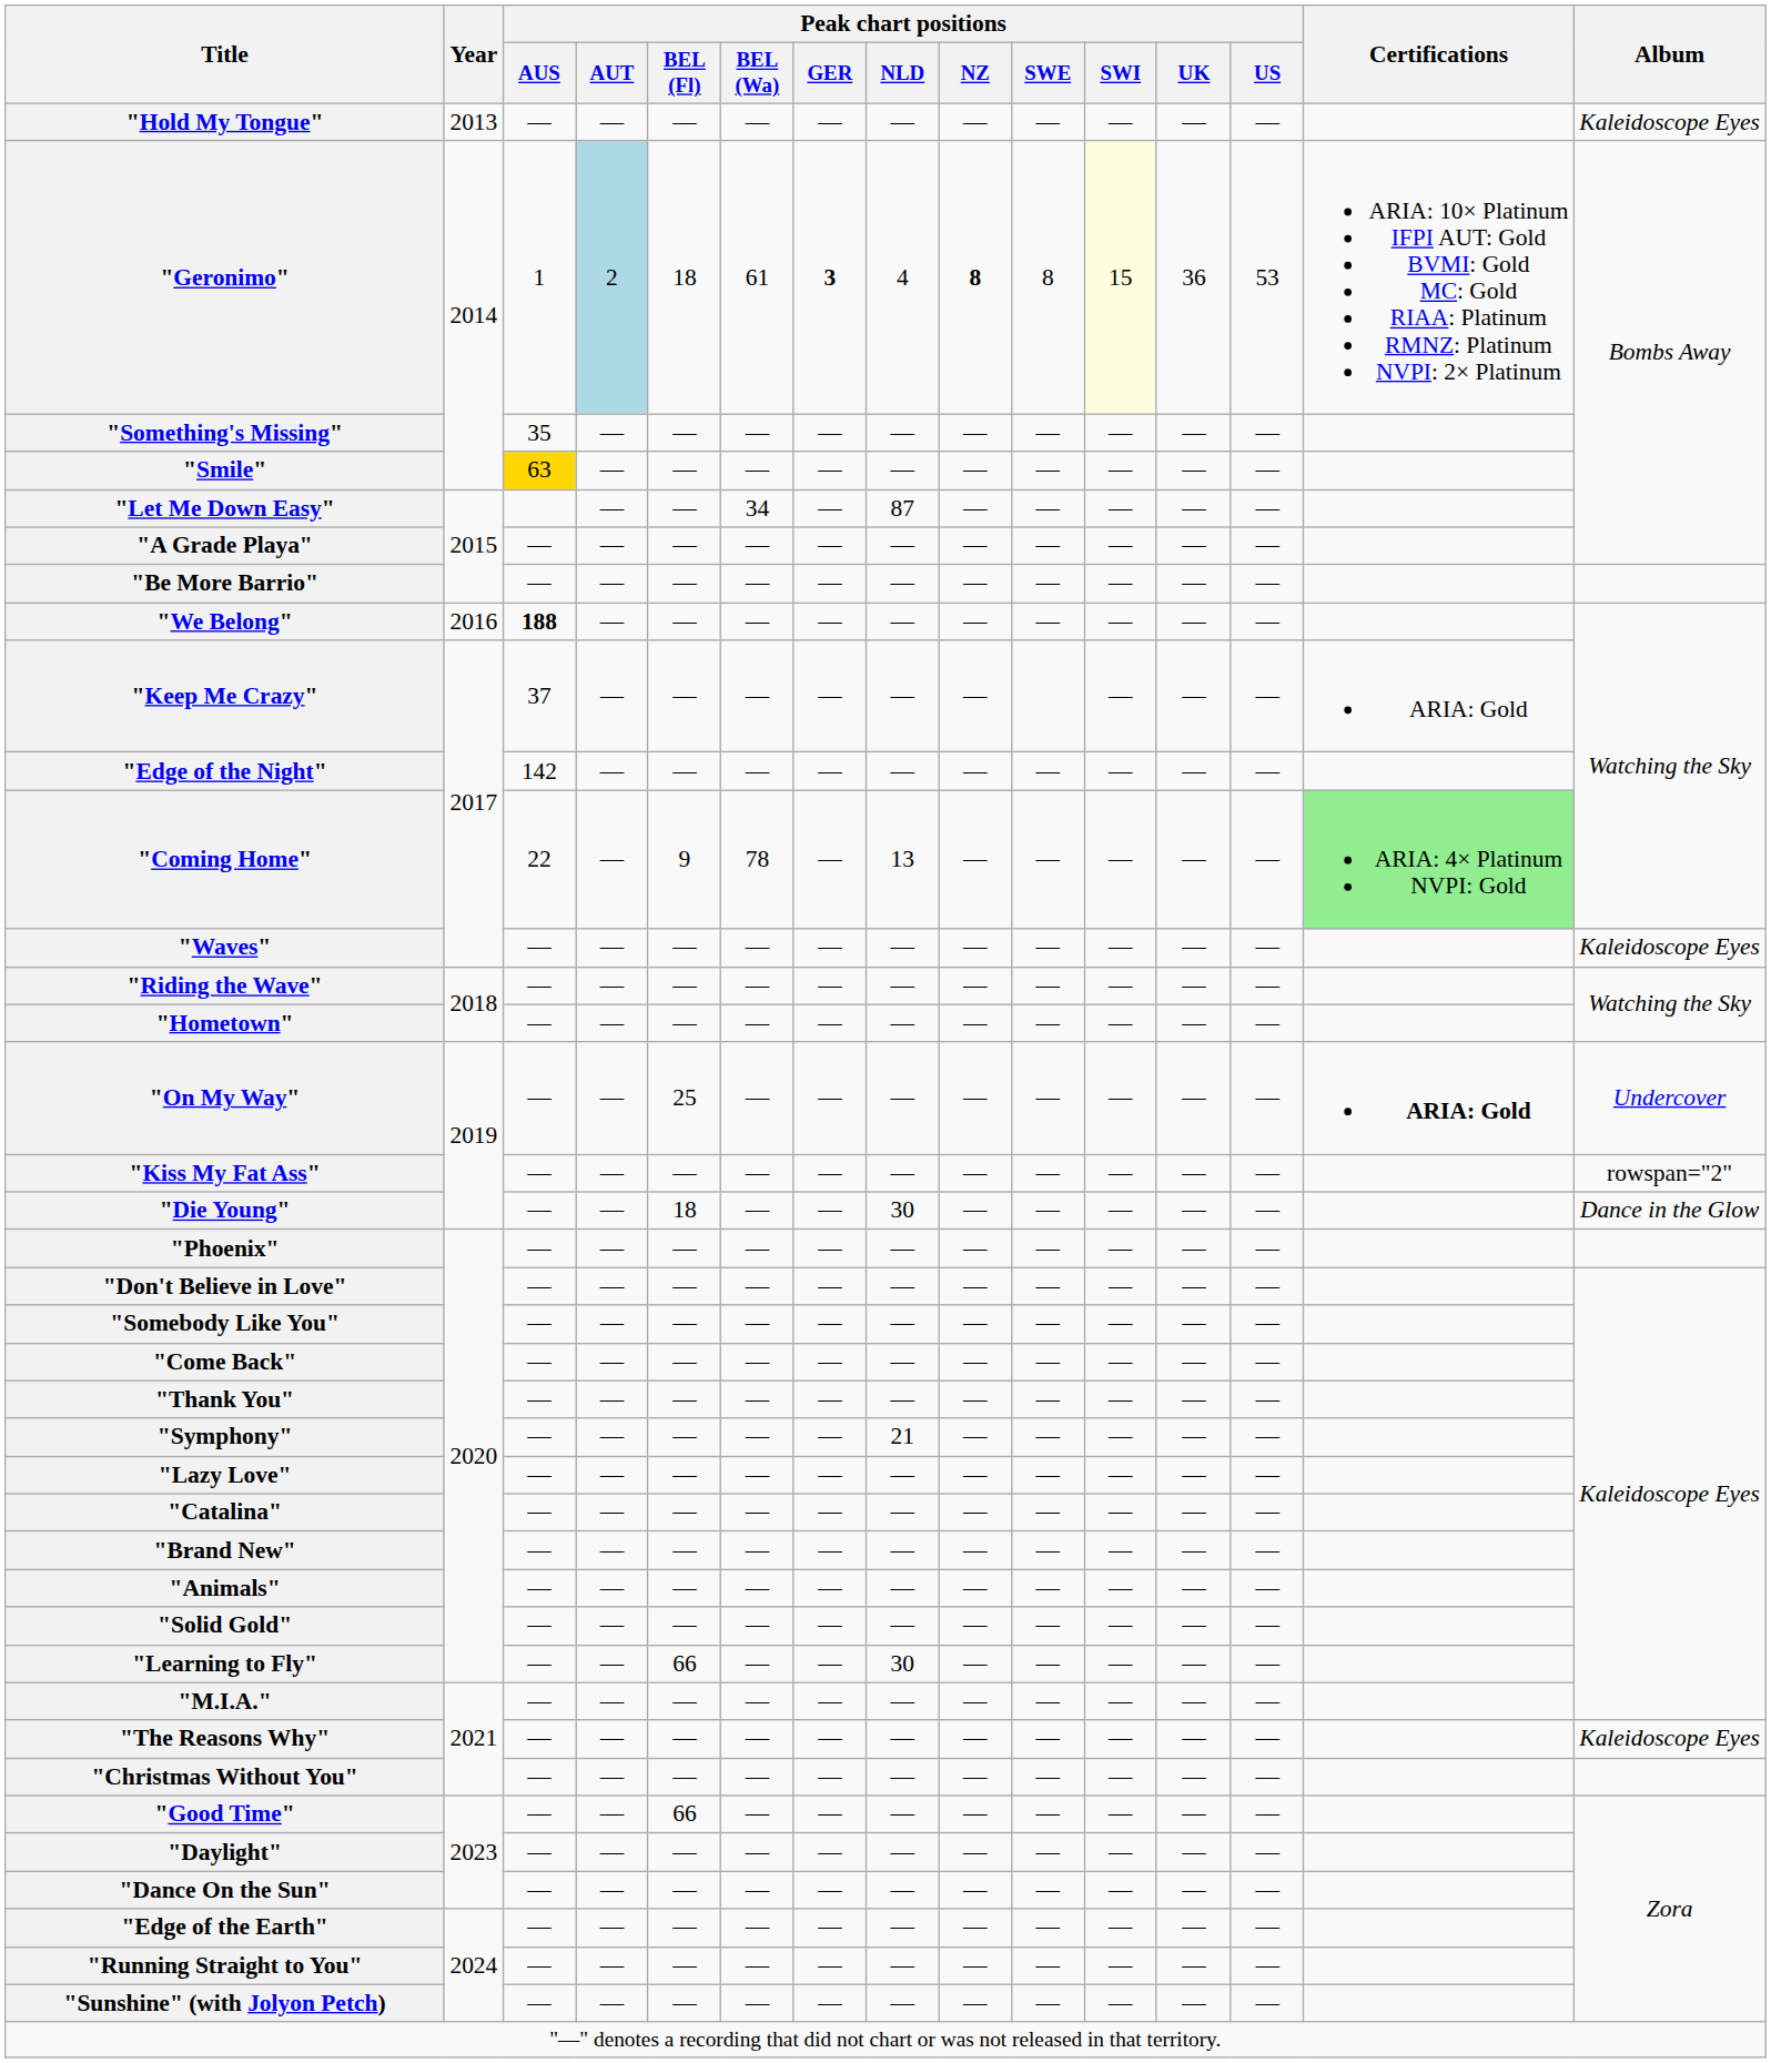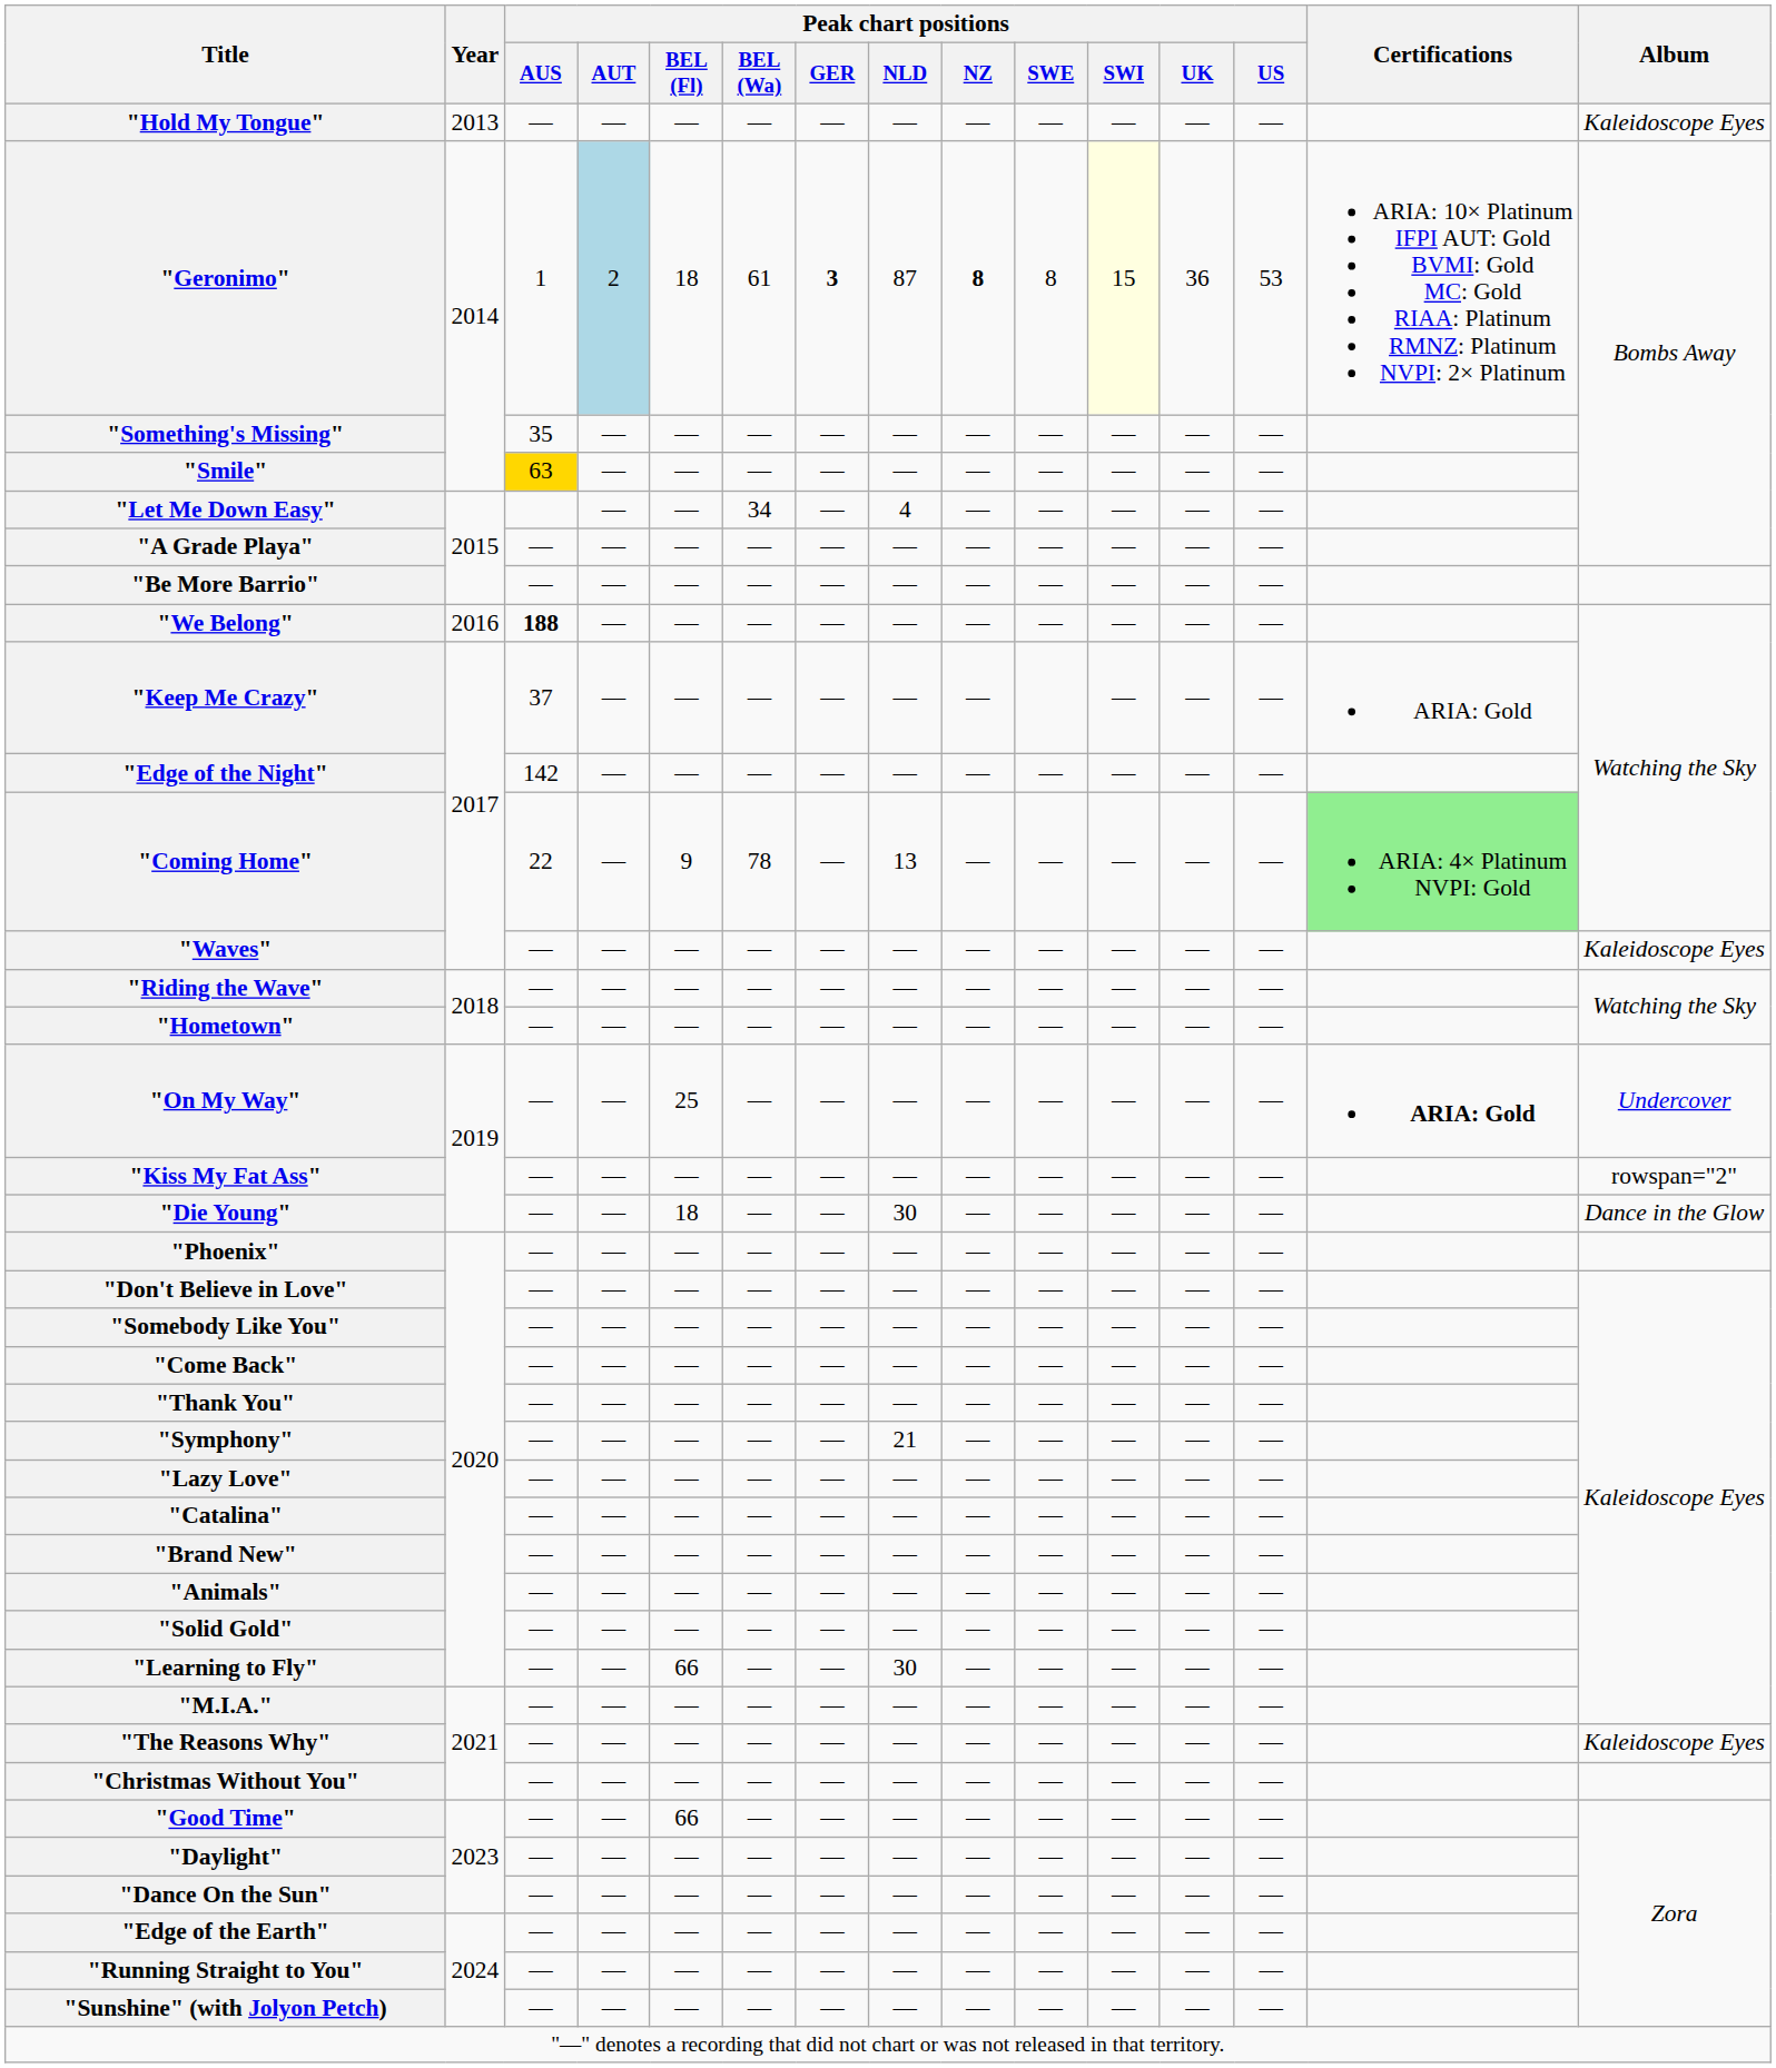 <table class="wikitable plainrowheaders" style="text-align:center;" border="1">
 <tr>
 <th scope="col" rowspan="2" style="width:18em;">Title</th>
 <th scope="col" rowspan="2" style="width:1em;">Year</th>
 <th scope="col" colspan="11">Peak chart positions</th>
 <th scope="col" rowspan="2">Certifications</th>
 <th scope="col" rowspan="2">Album</th>
 </tr>
 <tr>
 <th scope="col" style="width:3em;font-size:88%;"><a href='#'>AUS</a><br></th>
 <th scope="col" style="width:3em;font-size:88%;"><a href='#'>AUT</a><br></th>
 <th scope="col" style="width:3em;font-size:88%;"><a href='#'>BEL (Fl)</a><br></th>
 <th scope="col" style="width:3em;font-size:88%;"><a href='#'>BEL (Wa)</a><br></th>
 <th scope="col" style="width:3em;font-size:88%;"><a href='#'>GER</a><br></th>
 <th scope="col" style="width:3em;font-size:88%;"><a href='#'>NLD</a><br></th>
 <th scope="col" style="width:3em;font-size:88%;"><a href='#'>NZ</a><br></th>
 <th scope="col" style="width:3em;font-size:88%;"><a href='#'>SWE</a><br></th>
 <th scope="col" style="width:3em;font-size:88%;"><a href='#'>SWI</a><br></th>
 <th scope="col" style="width:3em;font-size:90%;"><a href='#'>UK</a><br></th>
 <th scope="col" style="width:3em;font-size:88%;"><a href='#'>US</a><br></th>
 </tr>
 <tr>
 <th scope="row">"<a href='#'>Hold My Tongue</a>"</th>
 <td>2013</td>
 <td>—</td>
 <td>—</td>
 <td>—</td>
 <td>—</td>
 <td>—</td>
 <td>—</td>
 <td>—</td>
 <td>—</td>
 <td>—</td>
 <td>—</td>
 <td>—</td>
 <td></td>
 <td><em>Kaleidoscope Eyes</em></td>
 </tr>
 <tr>
 <th scope="row">"<a href='#'>Geronimo</a>"</th>
 <td rowspan="3">2014</td>
 <td>1</td>
 <td style="background: lightblue;">2</td>
 <td>18</td>
 <td>61</td>
 <td><strong>3</strong></td>
-<td>4</td>
+<td>87</td>
 <td><strong>8</strong></td>
 <td>8</td>
 <td style="background: lightyellow;">15</td>
 <td>36</td>
 <td>53</td>
 <td><br><ul><li>ARIA: 10× Platinum</li><li><a href='#'>IFPI</a> AUT: Gold</li><li><a href='#'>BVMI</a>: Gold</li><li><a href='#'>MC</a>: Gold</li><li><a href='#'>RIAA</a>: Platinum</li><li><a href='#'>RMNZ</a>: Platinum</li><li><a href='#'>NVPI</a>: 2× Platinum</li></ul></td>
 <td rowspan="5"><em>Bombs Away</em></td>
 </tr>
 <tr>
 <th scope="row">"<a href='#'>Something's Missing</a>"</th>
 <td>35</td>
 <td>—</td>
 <td>—</td>
 <td>—</td>
 <td>—</td>
 <td>—</td>
 <td>—</td>
 <td>—</td>
 <td>—</td>
 <td>—</td>
 <td>—</td>
 <td></td>
 </tr>
 <tr>
 <th scope="row">"<a href='#'>Smile</a>"</th>
 <td style="background: gold;">63</td>
 <td>—</td>
 <td>—</td>
 <td>—</td>
 <td>—</td>
 <td>—</td>
 <td>—</td>
 <td>—</td>
 <td>—</td>
 <td>—</td>
 <td>—</td>
 <td></td>
 </tr>
 <tr>
 <th scope="row">"<a href='#'>Let Me Down Easy</a>"</th>
 <td rowspan="3">2015</td>
 <td></td>
 <td>—</td>
 <td>—</td>
 <td>34</td>
 <td>—</td>
-<td>87</td>
+<td>4</td>
 <td>—</td>
 <td>—</td>
 <td>—</td>
 <td>—</td>
 <td>—</td>
 <td></td>
 </tr>
 <tr>
 <th scope="row">"A Grade Playa"</th>
 <td>—</td>
 <td>—</td>
 <td>—</td>
 <td>—</td>
 <td>—</td>
 <td>—</td>
 <td>—</td>
 <td>—</td>
 <td>—</td>
 <td>—</td>
 <td>—</td>
 <td></td>
 </tr>
 <tr>
 <th scope="row">"Be More Barrio"</th>
 <td>—</td>
 <td>—</td>
 <td>—</td>
 <td>—</td>
 <td>—</td>
 <td>—</td>
 <td>—</td>
 <td>—</td>
 <td>—</td>
 <td>—</td>
 <td>—</td>
 <td></td>
 <td></td>
 </tr>
 <tr>
 <th scope="row">"<a href='#'>We Belong</a>"</th>
 <td>2016</td>
 <td><strong>188</strong></td>
 <td>—</td>
 <td>—</td>
 <td>—</td>
 <td>—</td>
 <td>—</td>
 <td>—</td>
 <td>—</td>
 <td>—</td>
 <td>—</td>
 <td>—</td>
 <td></td>
 <td rowspan="4"><em>Watching the Sky</em></td>
 </tr>
 <tr>
 <th scope="row">"<a href='#'>Keep Me Crazy</a>"</th>
 <td rowspan="4">2017</td>
 <td>37</td>
 <td>—</td>
 <td>—</td>
 <td>—</td>
 <td>—</td>
 <td>—</td>
 <td>—</td>
 <td></td>
 <td>—</td>
 <td>—</td>
 <td>—</td>
 <td><br><ul><li>ARIA: Gold</li></ul></td>
 </tr>
 <tr>
 <th scope="row">"<a href='#'>Edge of the Night</a>"</th>
 <td>142</td>
 <td>—</td>
 <td>—</td>
 <td>—</td>
 <td>—</td>
 <td>—</td>
 <td>—</td>
 <td>—</td>
 <td>—</td>
 <td>—</td>
 <td>—</td>
 <td></td>
 </tr>
 <tr>
 <th scope="row">"<a href='#'>Coming Home</a>"</th>
 <td>22</td>
 <td>—</td>
 <td>9</td>
 <td>78</td>
 <td>—</td>
 <td>13</td>
 <td>—</td>
 <td>—</td>
 <td>—</td>
 <td>—</td>
 <td>—</td>
 <td style="background: lightgreen;"><br><ul><li>ARIA: 4× Platinum</li><li>NVPI: Gold</li></ul></td>
 </tr>
 <tr>
 <th scope="row">"<a href='#'>Waves</a>"</th>
 <td>—</td>
 <td>—</td>
 <td>—</td>
 <td>—</td>
 <td>—</td>
 <td>—</td>
 <td>—</td>
 <td>—</td>
 <td>—</td>
 <td>—</td>
 <td>—</td>
 <td></td>
 <td><em>Kaleidoscope Eyes</em></td>
 </tr>
 <tr>
 <th scope="row">"<a href='#'>Riding the Wave</a>"</th>
 <td rowspan="2">2018</td>
 <td>—</td>
 <td>—</td>
 <td>—</td>
 <td>—</td>
 <td>—</td>
 <td>—</td>
 <td>—</td>
 <td>—</td>
 <td>—</td>
 <td>—</td>
 <td>—</td>
 <td></td>
 <td rowspan="2"><em>Watching the Sky</em></td>
 </tr>
 <tr>
 <th scope="row">"<a href='#'>Hometown</a>"</th>
 <td>—</td>
 <td>—</td>
 <td>—</td>
 <td>—</td>
 <td>—</td>
 <td>—</td>
 <td>—</td>
 <td>—</td>
 <td>—</td>
 <td>—</td>
 <td>—</td>
 <td></td>
 </tr>
 <tr>
 <th scope="row">"<a href='#'>On My Way</a>"</th>
 <td rowspan="3">2019</td>
 <td>—</td>
 <td>—</td>
 <td>25</td>
 <td>—</td>
 <td>—</td>
 <td>—</td>
 <td>—</td>
 <td>—</td>
 <td>—</td>
 <td>—</td>
 <td>—</td>
 <td><strong><br><ul><li>ARIA: Gold</li></ul></strong></td>
 <td><em><a href='#'>Undercover</a></em></td>
 </tr>
 <tr>
 <th scope="row">"<a href='#'>Kiss My Fat Ass</a>"</th>
 <td>—</td>
 <td>—</td>
 <td>—</td>
 <td>—</td>
 <td>—</td>
 <td>—</td>
 <td>—</td>
 <td>—</td>
 <td>—</td>
 <td>—</td>
 <td>—</td>
 <td></td>
 <td>rowspan="2" </td>
 </tr>
 <tr>
 <th scope="row">"<a href='#'>Die Young</a>"</th>
 <td>—</td>
 <td>—</td>
 <td>18</td>
 <td>—</td>
 <td>—</td>
 <td>30</td>
 <td>—</td>
 <td>—</td>
 <td>—</td>
 <td>—</td>
 <td>—</td>
 <td></td>
 <td><em>Dance in the Glow</em></td>
 </tr>
 <tr>
 <th scope="row">"Phoenix"</th>
 <td rowspan="12">2020</td>
 <td>—</td>
 <td>—</td>
 <td>—</td>
 <td>—</td>
 <td>—</td>
 <td>—</td>
 <td>—</td>
 <td>—</td>
 <td>—</td>
 <td>—</td>
 <td>—</td>
 <td></td>
 <td></td>
 </tr>
 <tr>
 <th scope="row">"Don't Believe in Love"</th>
 <td>—</td>
 <td>—</td>
 <td>—</td>
 <td>—</td>
 <td>—</td>
 <td>—</td>
 <td>—</td>
 <td>—</td>
 <td>—</td>
 <td>—</td>
 <td>—</td>
 <td></td>
 <td rowspan="12"><em>Kaleidoscope Eyes</em></td>
 </tr>
 <tr>
 <th scope="row">"Somebody Like You"</th>
 <td>—</td>
 <td>—</td>
 <td>—</td>
 <td>—</td>
 <td>—</td>
 <td>—</td>
 <td>—</td>
 <td>—</td>
 <td>—</td>
 <td>—</td>
 <td>—</td>
 <td></td>
 </tr>
 <tr>
 <th scope="row">"Come Back"</th>
 <td>—</td>
 <td>—</td>
 <td>—</td>
 <td>—</td>
 <td>—</td>
 <td>—</td>
 <td>—</td>
 <td>—</td>
 <td>—</td>
 <td>—</td>
 <td>—</td>
 <td></td>
 </tr>
 <tr>
 <th scope="row">"Thank You"</th>
 <td>—</td>
 <td>—</td>
 <td>—</td>
 <td>—</td>
 <td>—</td>
 <td>—</td>
 <td>—</td>
 <td>—</td>
 <td>—</td>
 <td>—</td>
 <td>—</td>
 <td></td>
 </tr>
 <tr>
 <th scope="row">"Symphony"</th>
 <td>—</td>
 <td>—</td>
 <td>—</td>
 <td>—</td>
 <td>—</td>
 <td>21</td>
 <td>—</td>
 <td>—</td>
 <td>—</td>
 <td>—</td>
 <td>—</td>
 <td></td>
 </tr>
 <tr>
 <th scope="row">"Lazy Love"</th>
 <td>—</td>
 <td>—</td>
 <td>—</td>
 <td>—</td>
 <td>—</td>
 <td>—</td>
 <td>—</td>
 <td>—</td>
 <td>—</td>
 <td>—</td>
 <td>—</td>
 <td></td>
 </tr>
 <tr>
 <th scope="row">"Catalina"</th>
 <td>—</td>
 <td>—</td>
 <td>—</td>
 <td>—</td>
 <td>—</td>
 <td>—</td>
 <td>—</td>
 <td>—</td>
 <td>—</td>
 <td>—</td>
 <td>—</td>
 <td></td>
 </tr>
 <tr>
 <th scope="row">"Brand New"</th>
 <td>—</td>
 <td>—</td>
 <td>—</td>
 <td>—</td>
 <td>—</td>
 <td>—</td>
 <td>—</td>
 <td>—</td>
 <td>—</td>
 <td>—</td>
 <td>—</td>
 <td></td>
 </tr>
 <tr>
 <th scope="row">"Animals"</th>
 <td>—</td>
 <td>—</td>
 <td>—</td>
 <td>—</td>
 <td>—</td>
 <td>—</td>
 <td>—</td>
 <td>—</td>
 <td>—</td>
 <td>—</td>
 <td>—</td>
 <td></td>
 </tr>
 <tr>
 <th scope="row">"Solid Gold"</th>
 <td>—</td>
 <td>—</td>
 <td>—</td>
 <td>—</td>
 <td>—</td>
 <td>—</td>
 <td>—</td>
 <td>—</td>
 <td>—</td>
 <td>—</td>
 <td>—</td>
 <td></td>
 </tr>
 <tr>
 <th scope="row">"Learning to Fly"</th>
 <td>—</td>
 <td>—</td>
 <td>66</td>
 <td>—</td>
 <td>—</td>
 <td>30</td>
 <td>—</td>
 <td>—</td>
 <td>—</td>
 <td>—</td>
 <td>—</td>
 <td></td>
 </tr>
 <tr>
 <th scope="row">"M.I.A."</th>
 <td rowspan="3">2021</td>
 <td>—</td>
 <td>—</td>
 <td>—</td>
 <td>—</td>
 <td>—</td>
 <td>—</td>
 <td>—</td>
 <td>—</td>
 <td>—</td>
 <td>—</td>
 <td>—</td>
 <td></td>
 </tr>
 <tr>
 <th scope="row">"The Reasons Why"</th>
 <td>—</td>
 <td>—</td>
 <td>—</td>
 <td>—</td>
 <td>—</td>
 <td>—</td>
 <td>—</td>
 <td>—</td>
 <td>—</td>
 <td>—</td>
 <td>—</td>
 <td></td>
 <td><em>Kaleidoscope Eyes</em></td>
 </tr>
 <tr>
 <th scope="row">"Christmas Without You"</th>
 <td>—</td>
 <td>—</td>
 <td>—</td>
 <td>—</td>
 <td>—</td>
 <td>—</td>
 <td>—</td>
 <td>—</td>
 <td>—</td>
 <td>—</td>
 <td>—</td>
 <td></td>
 </tr>
 <tr>
 <th scope="row">"<a href='#'>Good Time</a>"</th>
 <td rowspan="3">2023</td>
 <td>—</td>
 <td>—</td>
 <td>66</td>
 <td>—</td>
 <td>—</td>
 <td>—</td>
 <td>—</td>
 <td>—</td>
 <td>—</td>
 <td>—</td>
 <td>—</td>
 <td></td>
 <td rowspan="6"><em>Zora</em></td>
 </tr>
 <tr>
 <th scope="row">"Daylight"</th>
 <td>—</td>
 <td>—</td>
 <td>—</td>
 <td>—</td>
 <td>—</td>
 <td>—</td>
 <td>—</td>
 <td>—</td>
 <td>—</td>
 <td>—</td>
 <td>—</td>
 <td></td>
 </tr>
 <tr>
 <th scope="row">"Dance On the Sun"</th>
 <td>—</td>
 <td>—</td>
 <td>—</td>
 <td>—</td>
 <td>—</td>
 <td>—</td>
 <td>—</td>
 <td>—</td>
 <td>—</td>
 <td>—</td>
 <td>—</td>
 <td></td>
 </tr>
 <tr>
 <th scope="row">"Edge of the Earth"</th>
 <td rowspan="3">2024</td>
 <td>—</td>
 <td>—</td>
 <td>—</td>
 <td>—</td>
 <td>—</td>
 <td>—</td>
 <td>—</td>
 <td>—</td>
 <td>—</td>
 <td>—</td>
 <td>—</td>
 <td></td>
 </tr>
 <tr>
 <th scope="row">"Running Straight to You"</th>
 <td>—</td>
 <td>—</td>
 <td>—</td>
 <td>—</td>
 <td>—</td>
 <td>—</td>
 <td>—</td>
 <td>—</td>
 <td>—</td>
 <td>—</td>
 <td>—</td>
 <td></td>
 </tr>
 <tr>
 <th scope="row">"Sunshine" (with <a href='#'>Jolyon Petch</a>)</th>
 <td>—</td>
 <td>—</td>
 <td>—</td>
 <td>—</td>
 <td>—</td>
 <td>—</td>
 <td>—</td>
 <td>—</td>
 <td>—</td>
 <td>—</td>
 <td>—</td>
 <td></td>
 </tr>
 <tr>
 <td colspan="18" style="font-size:90%">"—" denotes a recording that did not chart or was not released in that territory.</td>
 </tr>
 </table>
